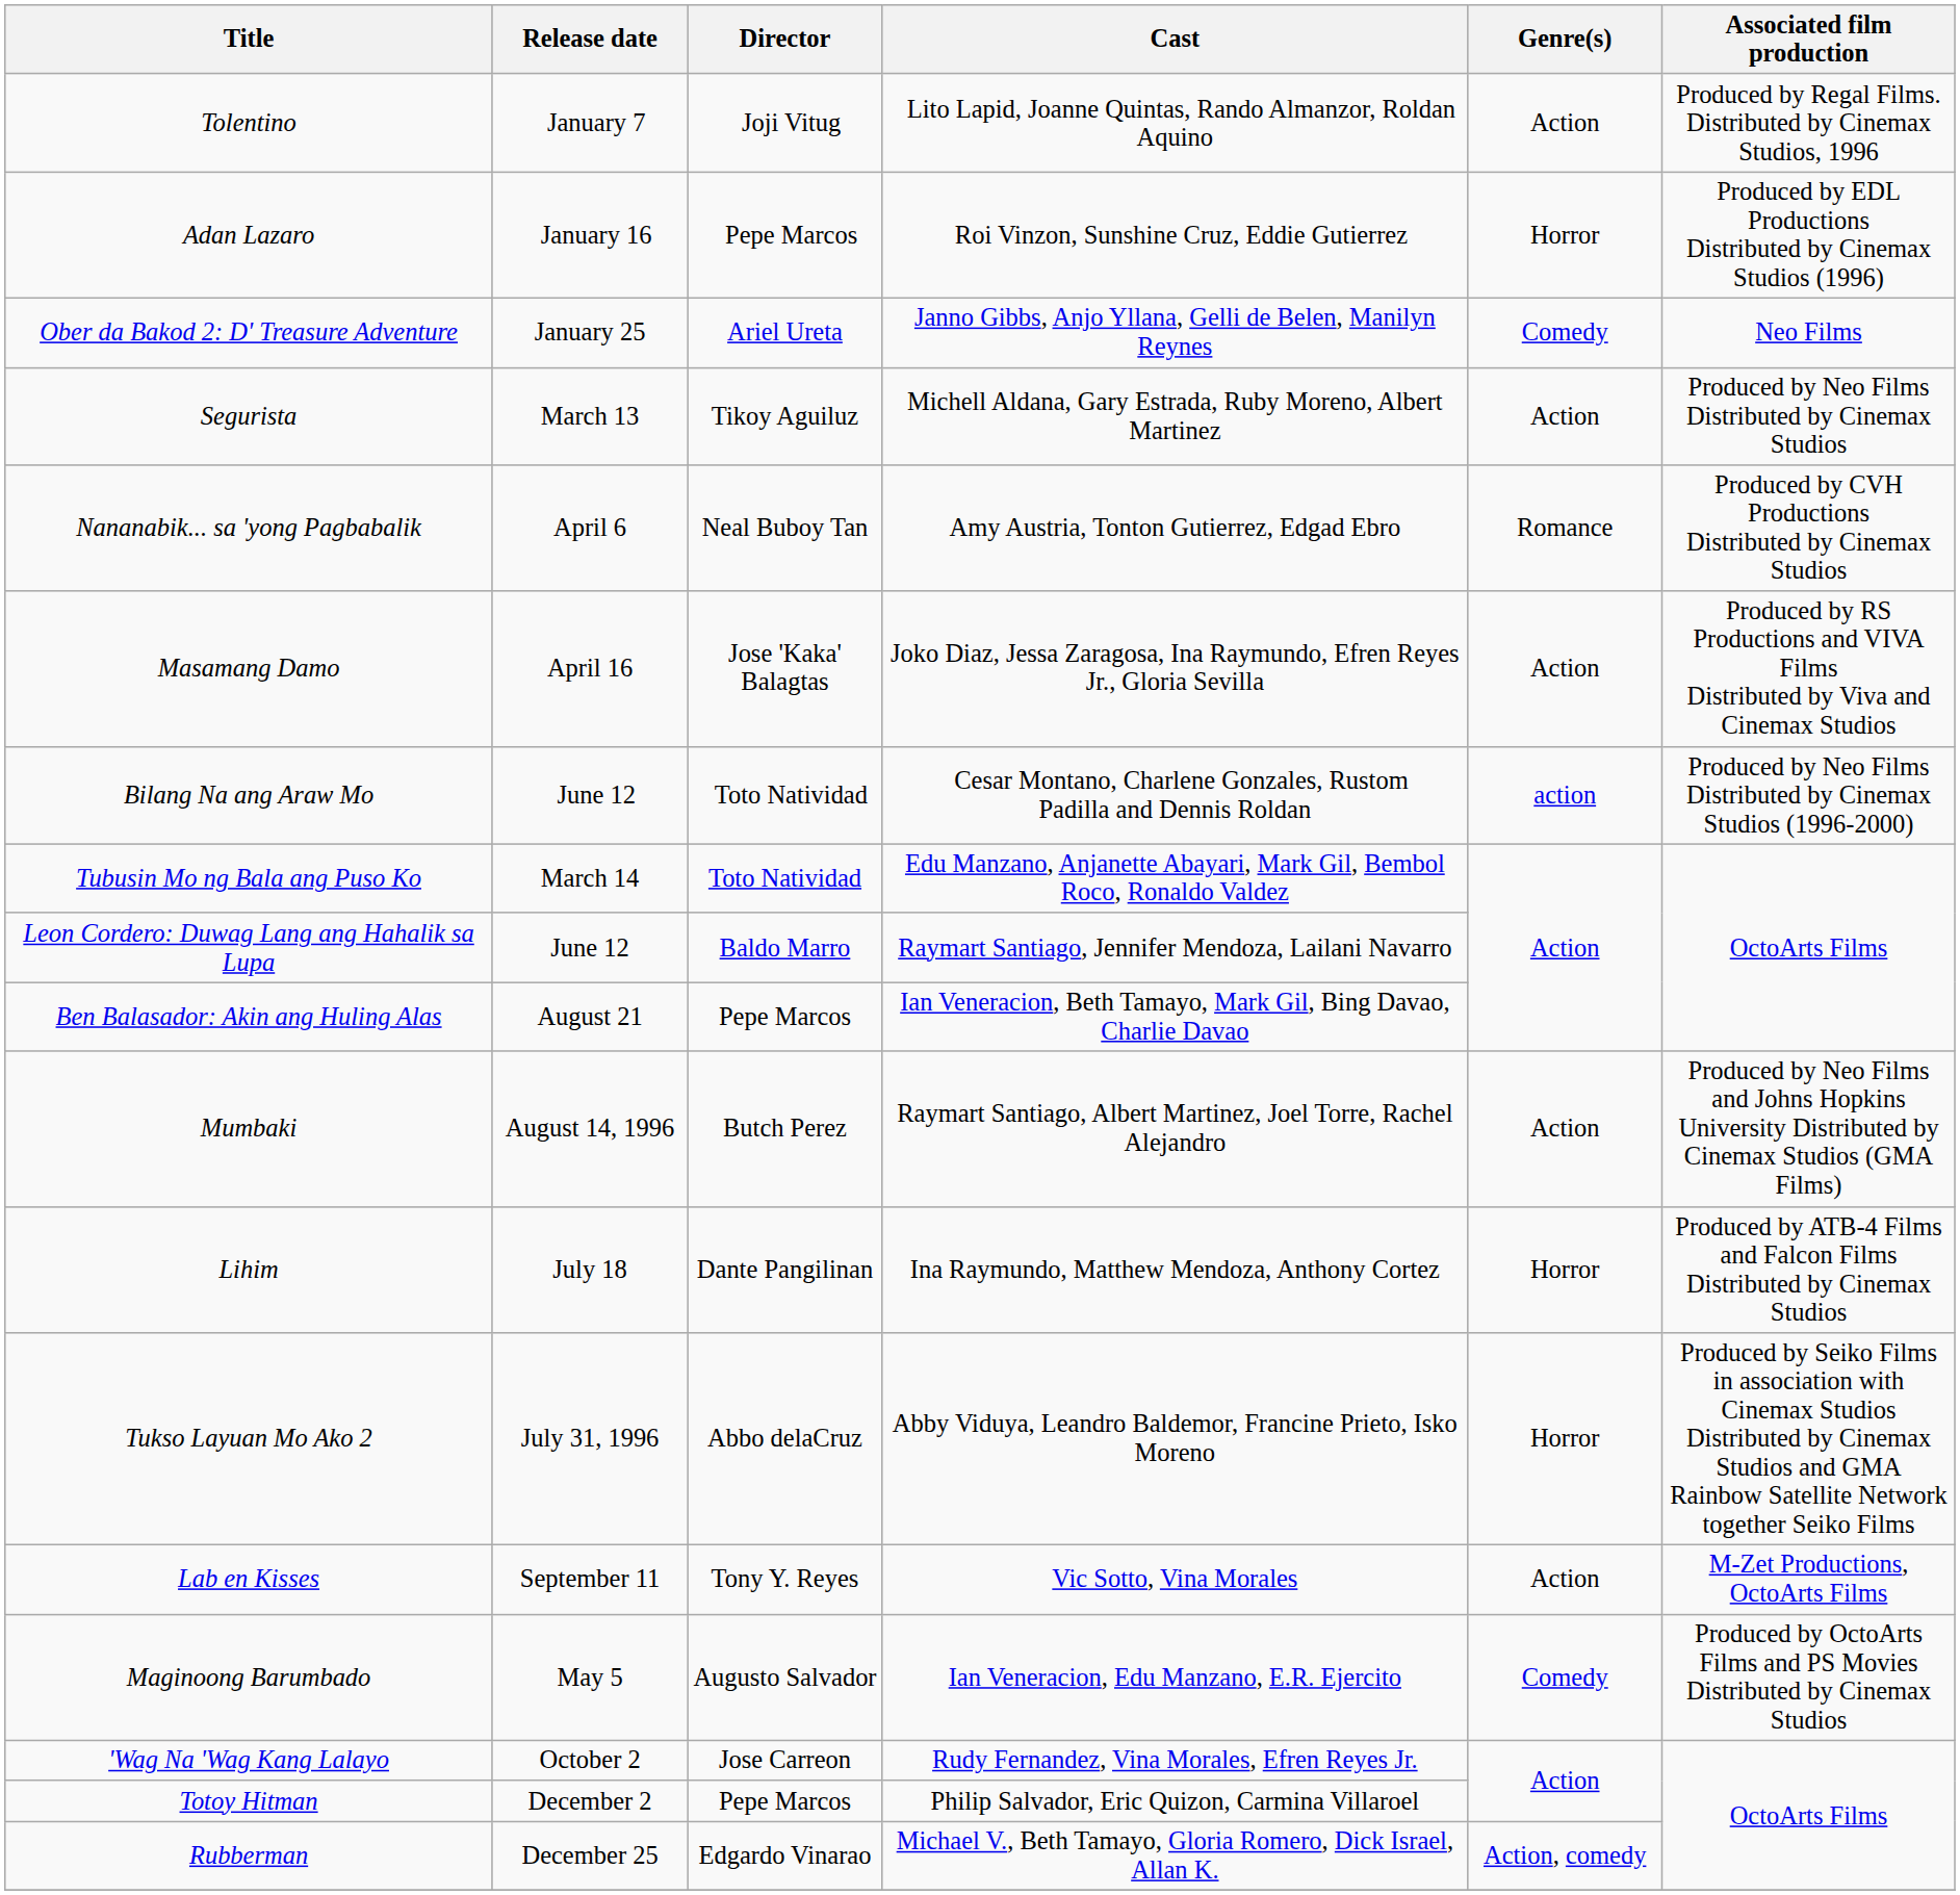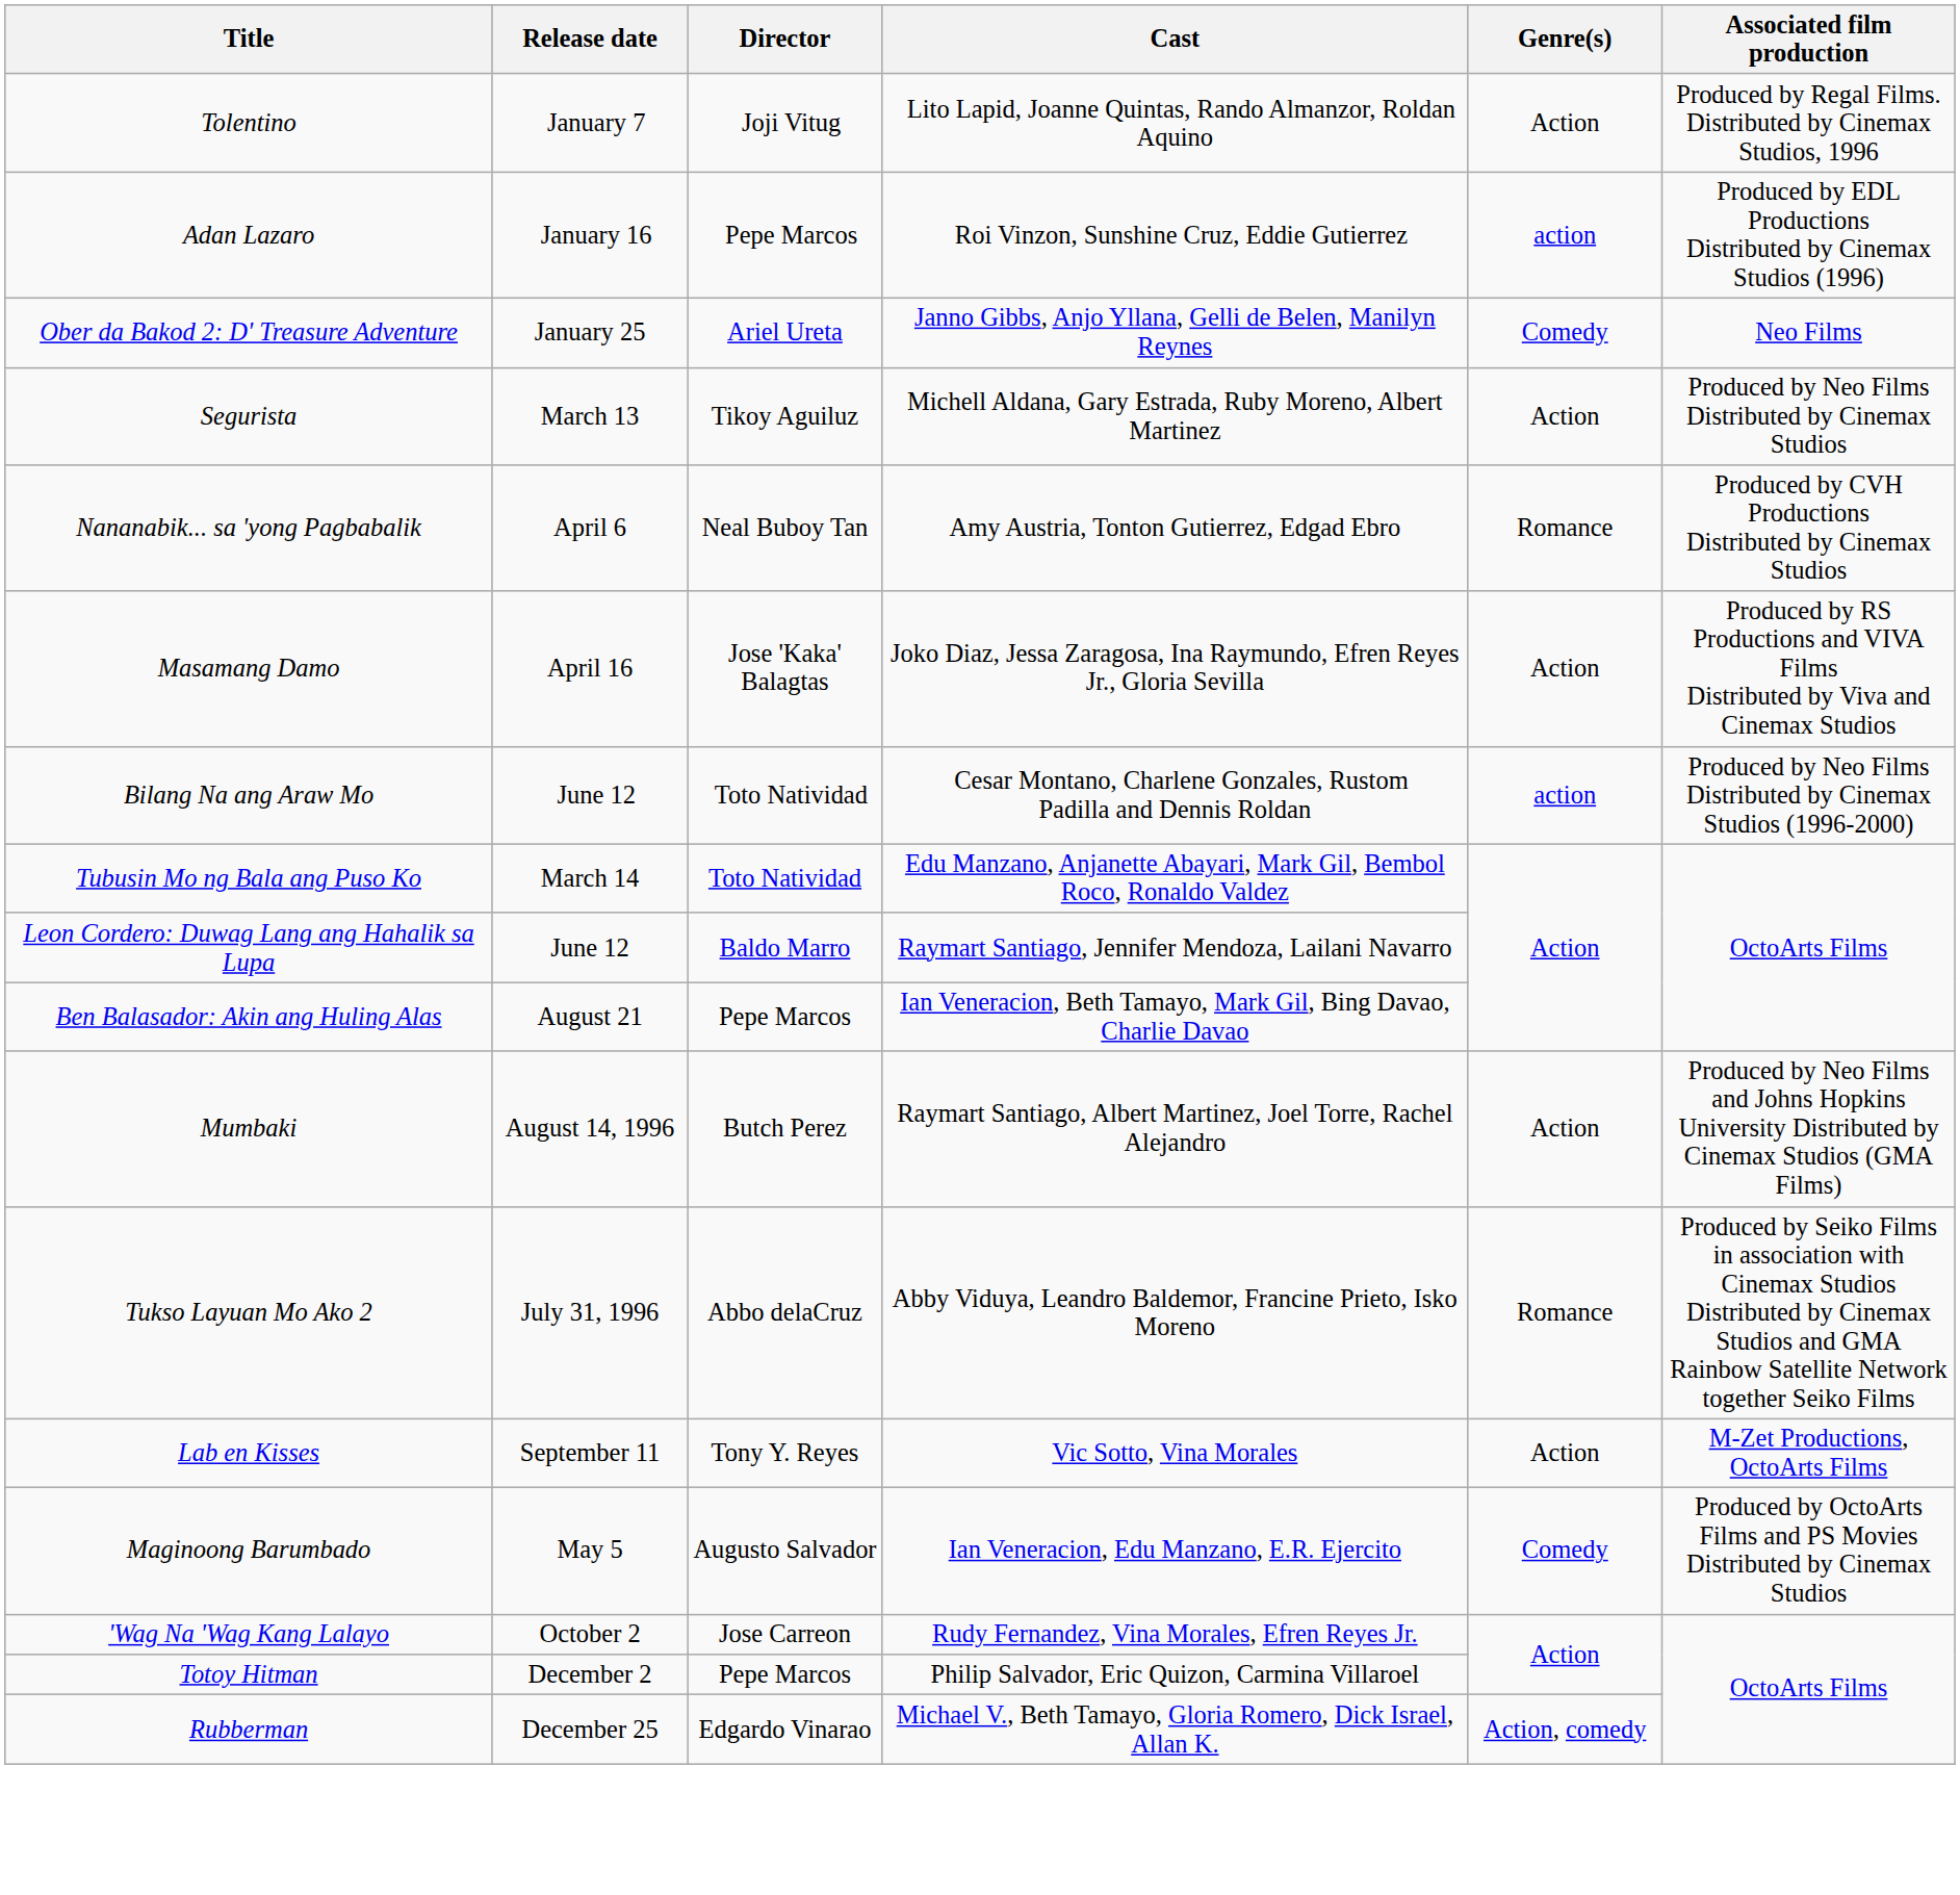 <table class="wikitable" "toccolours sortable" style="width:97%; text-align:center">
 <tr>
 <th style="width:25%;">Title</th>
 <th style="width:10%;">Release date</th>
 <th style="width:10%;">Director</th>
 <th style="width:30%;">Cast</th>
 <th style="width:10%;">Genre(s)</th>
 <th style="width:15%;">Associated film production</th>
 </tr>
 <tr>
 <td><em>Tolentino</em></td>
 <td>  January 7</td>
 <td>  Joji Vitug</td>
 <td>  Lito Lapid, Joanne Quintas, Rando Almanzor, Roldan Aquino</td>
 <td>Action</td>
 <td>Produced by Regal Films.<br>Distributed by Cinemax Studios, 1996 </td>
 </tr>
 <tr>
 <td><em>Adan Lazaro</em></td>
 <td>  January 16</td>
 <td>  Pepe Marcos</td>
 <td>  Roi Vinzon, Sunshine Cruz, Eddie Gutierrez</td>
-<td>Horror</td>
+<td><a href='#'>action</a></td>
 <td>Produced by EDL Productions<br>Distributed by Cinemax Studios (1996) </td>
 </tr>
 <tr>
 <td><em><a href='#'>Ober da Bakod 2: D' Treasure Adventure</a></em></td>
 <td>January 25</td>
 <td><a href='#'>Ariel Ureta</a></td>
 <td><a href='#'>Janno Gibbs</a>, <a href='#'>Anjo Yllana</a>, <a href='#'>Gelli de Belen</a>, <a href='#'>Manilyn Reynes</a></td>
 <td><a href='#'>Comedy</a></td>
 <td><a href='#'>Neo Films</a></td>
 </tr>
 <tr>
 <td><em>Segurista</em></td>
 <td>March 13</td>
 <td>Tikoy Aguiluz</td>
 <td>Michell Aldana, Gary Estrada, Ruby Moreno, Albert Martinez</td>
 <td>Action</td>
 <td>Produced by Neo Films<br>Distributed by Cinemax Studios</td>
 </tr>
 <tr>
 <td><em>Nananabik... sa 'yong Pagbabalik</em></td>
 <td>April 6</td>
 <td>Neal Buboy Tan</td>
 <td>Amy Austria, Tonton Gutierrez, Edgad Ebro</td>
 <td>Romance</td>
 <td>Produced by CVH Productions<br>Distributed by Cinemax Studios </td>
 </tr>
 <tr>
 <td><em>Masamang Damo</em></td>
 <td>April 16</td>
 <td>Jose 'Kaka' Balagtas</td>
 <td>Joko Diaz, Jessa Zaragosa, Ina Raymundo, Efren Reyes Jr., Gloria Sevilla</td>
 <td>Action</td>
 <td>Produced by RS Productions and VIVA Films<br>Distributed by Viva and Cinemax Studios</td>
 </tr>
 <tr>
 <td><em>Bilang Na ang Araw Mo</em></td>
 <td>  June 12</td>
 <td>  Toto Natividad</td>
 <td>  Cesar Montano, Charlene Gonzales, Rustom Padilla and Dennis Roldan</td>
 <td><a href='#'>action</a></td>
 <td>Produced by Neo Films<br>Distributed by Cinemax Studios (1996-2000)  </td>
 </tr>
 <tr>
 <td><em><a href='#'>Tubusin Mo ng Bala ang Puso Ko</a></em></td>
 <td>March 14</td>
 <td><a href='#'>Toto Natividad</a></td>
 <td><a href='#'>Edu Manzano</a>, <a href='#'>Anjanette Abayari</a>, <a href='#'>Mark Gil</a>, <a href='#'>Bembol Roco</a>, <a href='#'>Ronaldo Valdez</a></td>
 <td rowspan="3"><a href='#'>Action</a></td>
 <td rowspan="3"><a href='#'>OctoArts Films</a></td>
 </tr>
 <tr>
 <td><em><a href='#'>Leon Cordero: Duwag Lang ang Hahalik sa Lupa</a></em></td>
 <td>June 12</td>
 <td><a href='#'>Baldo Marro</a></td>
 <td><a href='#'>Raymart Santiago</a>, Jennifer Mendoza, Lailani Navarro</td>
 </tr>
 <tr>
 <td><em><a href='#'>Ben Balasador: Akin ang Huling Alas</a></em></td>
 <td>August 21</td>
 <td>Pepe Marcos</td>
 <td><a href='#'>Ian Veneracion</a>, Beth Tamayo, <a href='#'>Mark Gil</a>, Bing Davao, <a href='#'>Charlie Davao</a></td>
 </tr>
 <tr>
 <td><em>Mumbaki</em></td>
 <td>August  14, 1996</td>
 <td>Butch Perez</td>
 <td>Raymart Santiago, Albert Martinez, Joel Torre, Rachel Alejandro</td>
 <td>Action</td>
 <td>Produced by Neo Films and Johns Hopkins University Distributed by Cinemax Studios (GMA Films) </td>
 </tr>
 <tr>
-<td><em>Lihim</em></td>
-<td>July 18</td>
-<td>Dante Pangilinan</td>
-<td>Ina Raymundo, Matthew Mendoza, Anthony Cortez</td>
-<td>Horror</td>
-<td>Produced by ATB-4 Films and Falcon Films<br>Distributed by Cinemax Studios </td>
-</tr>
-<tr>
 <td><em>Tukso Layuan Mo Ako 2</em></td>
 <td>July 31, 1996</td>
 <td>Abbo delaCruz</td>
 <td>Abby Viduya, Leandro Baldemor, Francine Prieto, Isko Moreno</td>
-<td>Horror</td>
+<td>Romance</td>
 <td>Produced by Seiko Films in association with Cinemax Studios<br>Distributed by Cinemax  Studios and GMA Rainbow Satellite Network together Seiko Films  </td>
 </tr>
 <tr>
 <td><em><a href='#'>Lab en Kisses</a></em></td>
 <td>September 11</td>
 <td>Tony Y. Reyes</td>
 <td><a href='#'>Vic Sotto</a>, <a href='#'>Vina Morales</a></td>
 <td>Action</td>
 <td><a href='#'>M-Zet Productions</a>, <a href='#'>OctoArts Films</a></td>
 </tr>
 <tr>
 <td><em>Maginoong Barumbado</em></td>
 <td>May 5</td>
 <td>Augusto Salvador</td>
 <td><a href='#'>Ian Veneracion</a>, <a href='#'>Edu Manzano</a>, <a href='#'>E.R. Ejercito</a></td>
 <td><a href='#'>Comedy</a></td>
 <td>Produced by OctoArts Films and PS Movies<br>Distributed by Cinemax Studios </td>
 </tr>
 <tr>
 <td><em><a href='#'>'Wag Na 'Wag Kang Lalayo</a></em></td>
 <td>October 2</td>
 <td>Jose Carreon</td>
 <td><a href='#'>Rudy Fernandez</a>, <a href='#'>Vina Morales</a>, <a href='#'>Efren Reyes Jr.</a></td>
 <td rowspan="2"><a href='#'>Action</a></td>
 <td rowspan="3"><a href='#'>OctoArts Films</a></td>
 </tr>
 <tr>
 <td><em><a href='#'>Totoy Hitman</a></em></td>
 <td>December 2</td>
 <td>Pepe Marcos</td>
 <td>Philip Salvador, Eric Quizon, Carmina Villaroel</td>
 </tr>
 <tr>
 <td><em><a href='#'>Rubberman</a></em></td>
 <td>December 25</td>
 <td>Edgardo Vinarao</td>
 <td><a href='#'>Michael V.</a>, Beth Tamayo, <a href='#'>Gloria Romero</a>, <a href='#'>Dick Israel</a>, <a href='#'>Allan K.</a></td>
 <td><a href='#'>Action</a>, <a href='#'>comedy</a></td>
 </tr>
 <tr>
 </tr>
 </table>
